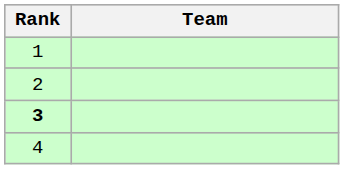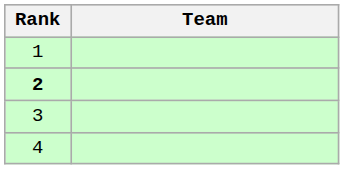 <table class="wikitable" style="text-align: center; font-size:90% ">
 <tr>
 <th width=35>Rank</th>
 <th width=160>Team</th>
 </tr>
 <tr bgcolor=ccffcc>
 <td>1</td>
 <td align=left></td>
 </tr>
 <tr bgcolor=ccffcc>
-<td>2</td>
+<td><strong>2</strong></td>
 <td align=left></td>
 </tr>
 <tr bgcolor=ccffcc>
-<td><strong>3</strong></td>
+<td>3</td>
 <td align=left></td>
 </tr>
 <tr bgcolor=ccffcc>
 <td>4</td>
 <td align=left></td>
 </tr>
 </table>
